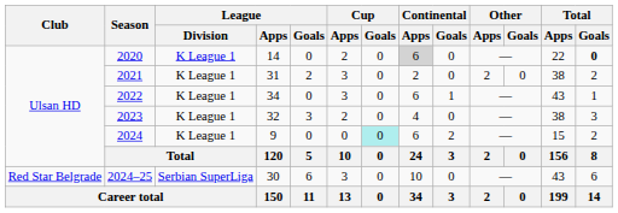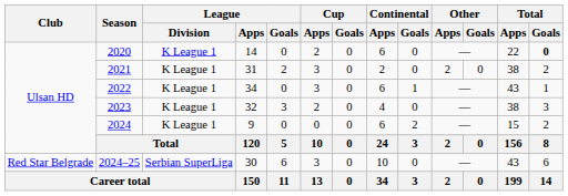 <table class="wikitable" style="text-align:center">
 <tr>
 <th rowspan=2>Club</th>
 <th rowspan=2>Season</th>
 <th colspan=3>League</th>
 <th colspan=2>Cup</th>
 <th colspan=2>Continental</th>
 <th colspan=2>Other</th>
 <th colspan=2>Total</th>
 </tr>
 <tr>
 <th>Division</th>
 <th>Apps</th>
 <th>Goals</th>
 <th>Apps</th>
 <th>Goals</th>
 <th>Apps</th>
 <th>Goals</th>
 <th>Apps</th>
 <th>Goals</th>
 <th>Apps</th>
 <th>Goals</th>
 </tr>
 <tr>
 <td rowspan='6'><a href='#'>Ulsan HD</a></td>
 <td><a href='#'>2020</a></td>
 <td><a href='#'>K League 1</a></td>
 <td>14</td>
 <td>0</td>
 <td>2</td>
 <td>0</td>
-<td style="background: lightgrey;">6</td>
+<td>6</td>
 <td>0</td>
 <td colspan=2>—</td>
 <td>22</td>
 <td><strong>0</strong></td>
 </tr>
 <tr>
 <td><a href='#'>2021</a></td>
 <td>K League 1</td>
 <td>31</td>
 <td>2</td>
 <td>3</td>
 <td>0</td>
 <td>2</td>
 <td>0</td>
 <td>2</td>
 <td>0</td>
 <td>38</td>
 <td>2</td>
 </tr>
 <tr>
 <td><a href='#'>2022</a></td>
 <td>K League 1</td>
 <td>34</td>
 <td>0</td>
 <td>3</td>
 <td>0</td>
 <td>6</td>
 <td>1</td>
 <td colspan=2>—</td>
 <td>43</td>
 <td>1</td>
 </tr>
 <tr>
 <td><a href='#'>2023</a></td>
 <td>K League 1</td>
 <td>32</td>
 <td>3</td>
 <td>2</td>
 <td>0</td>
 <td>4</td>
 <td>0</td>
 <td colspan=2>—</td>
 <td>38</td>
 <td>3</td>
 </tr>
 <tr>
 <td><a href='#'>2024</a></td>
 <td>K League 1</td>
 <td>9</td>
 <td>0</td>
 <td>0</td>
-<td style="background: paleturquoise;">0</td>
+<td>0</td>
 <td>6</td>
 <td>2</td>
 <td colspan=2>—</td>
 <td>15</td>
 <td>2</td>
 </tr>
 <tr>
 <th colspan="2">Total</th>
 <th>120</th>
 <th>5</th>
 <th>10</th>
 <th>0</th>
 <th>24</th>
 <th>3</th>
 <th>2</th>
 <th>0</th>
 <th>156</th>
 <th>8</th>
 </tr>
 <tr>
 <td><a href='#'>Red Star Belgrade</a></td>
 <td><a href='#'>2024–25</a></td>
 <td><a href='#'>Serbian SuperLiga</a></td>
 <td>30</td>
 <td>6</td>
 <td>3</td>
 <td>0</td>
 <td>10</td>
 <td>0</td>
 <td colspan=2>—</td>
 <td>43</td>
 <td>6</td>
 </tr>
 <tr>
 <th colspan=3>Career total</th>
 <th>150</th>
 <th>11</th>
 <th>13</th>
 <th>0</th>
 <th>34</th>
 <th>3</th>
 <th>2</th>
 <th>0</th>
 <th>199</th>
 <th>14</th>
 </tr>
 </table>
